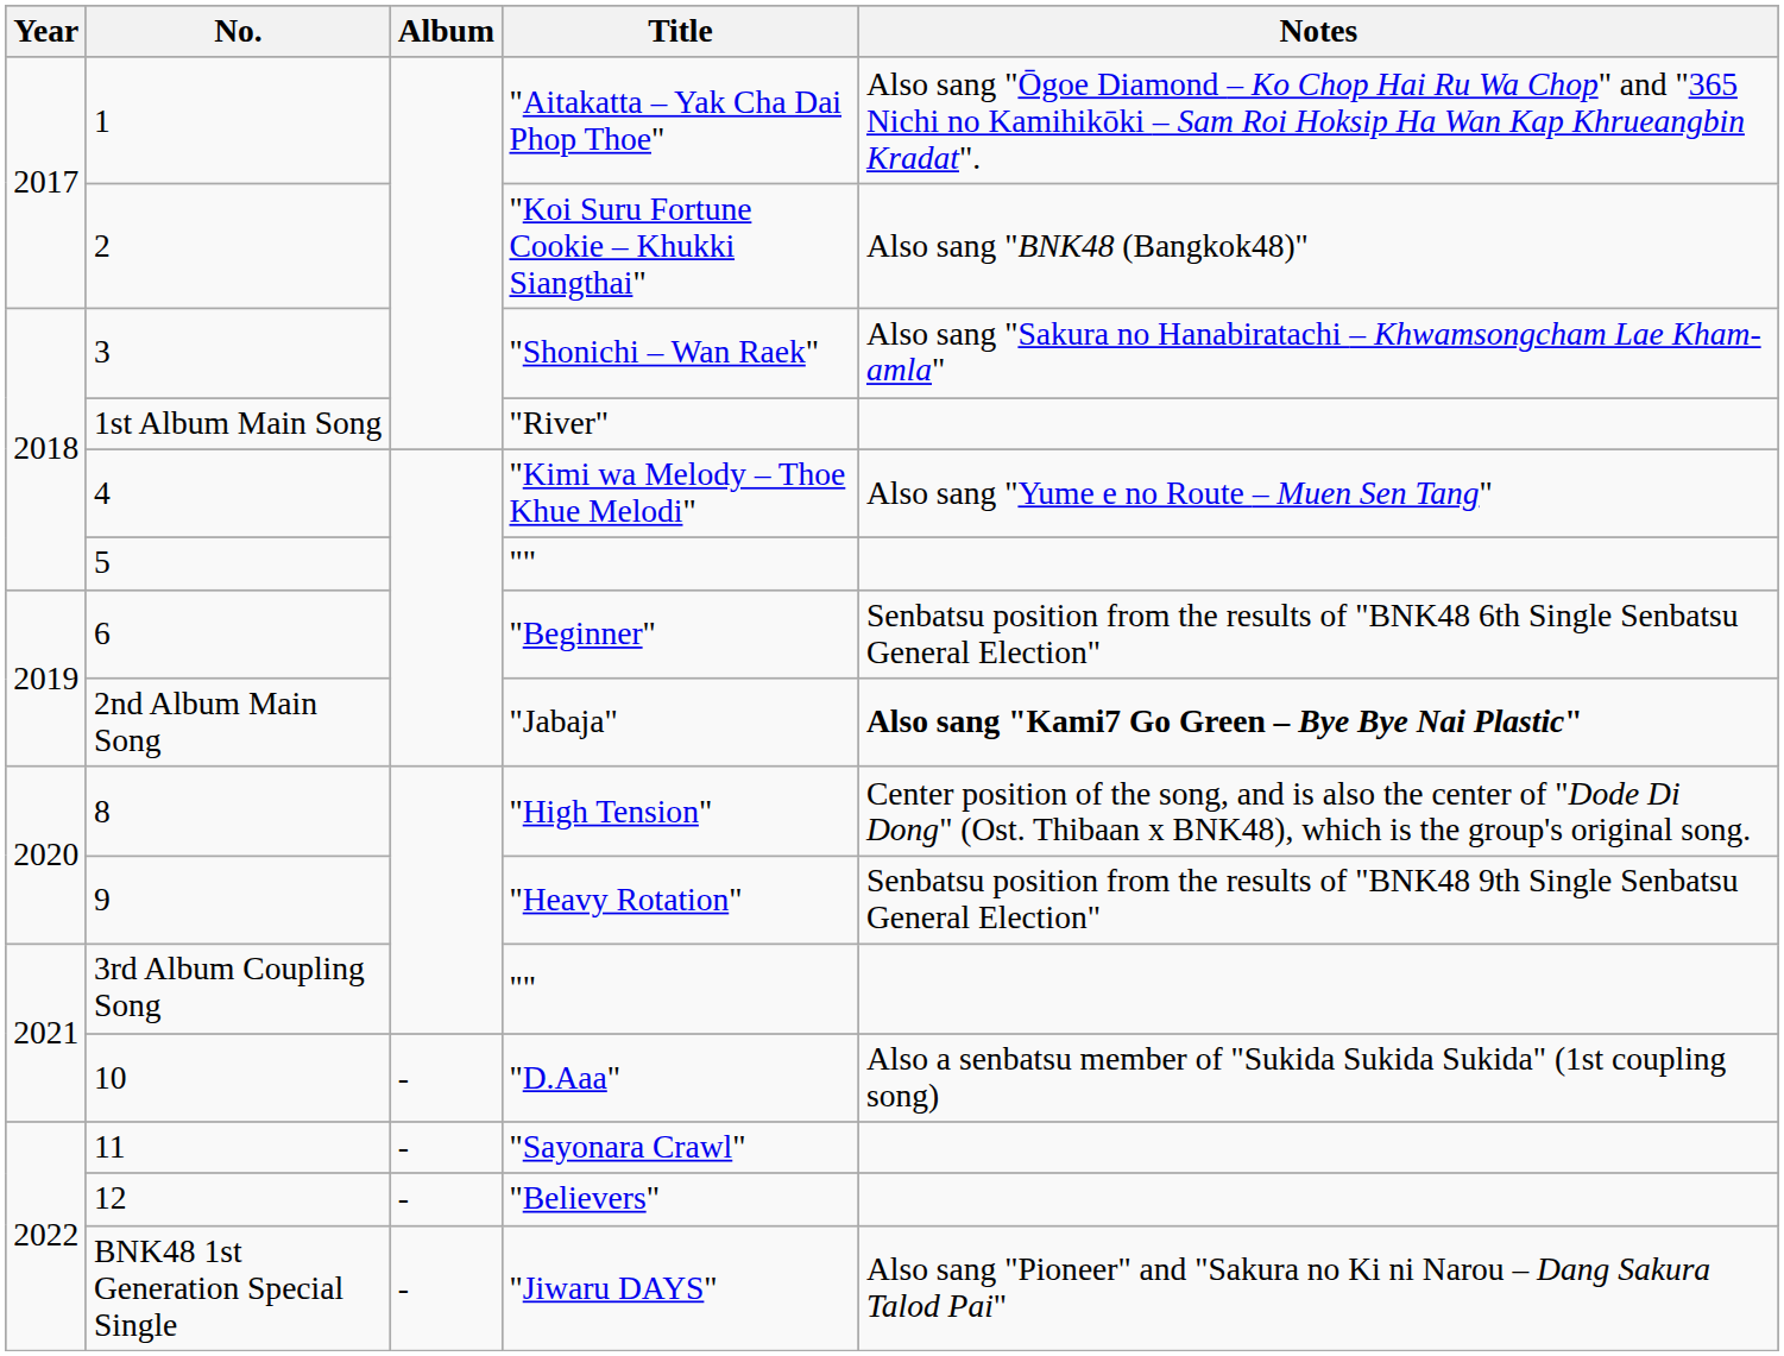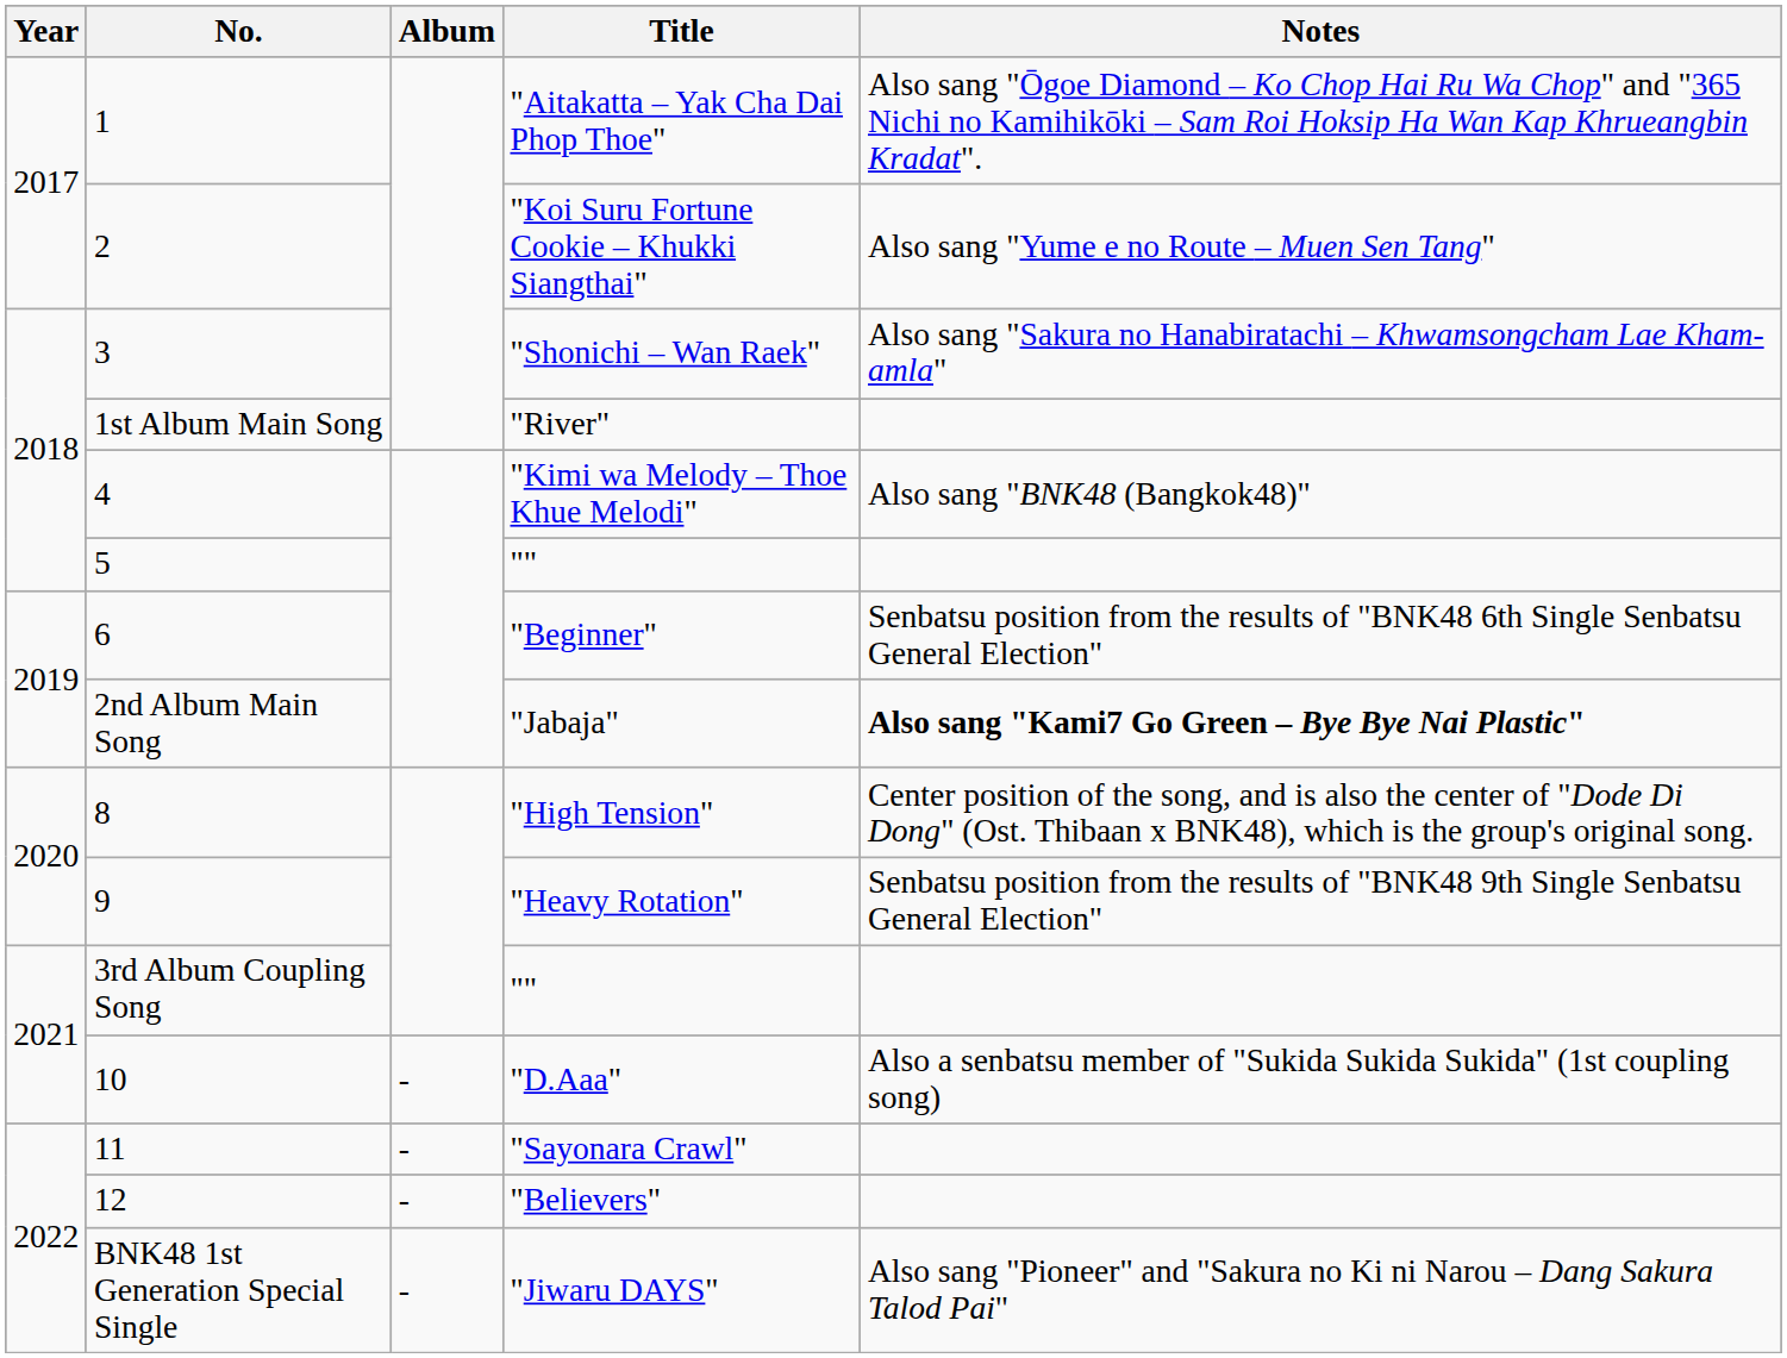 <table class="wikitable sortable">
 <tr>
 <th>Year</th>
 <th data-sort-type="number">No.</th>
 <th>Album</th>
 <th>Title</th>
 <th class="unsortable">Notes</th>
 </tr>
 <tr>
 <td rowspan="2">2017</td>
 <td>1</td>
 <td rowspan="4"><em></em></td>
 <td>"<a href='#'>Aitakatta – Yak Cha Dai Phop Thoe</a>"</td>
 <td>Also sang "<a href='#'>Ōgoe Diamond <em>– Ko Chop Hai Ru Wa Chop</em></a>" and "<a href='#'>365 Nichi no Kamihikōki <em>– Sam Roi Hoksip Ha Wan Kap Khrueangbin Kradat</em></a>".</td>
 </tr>
 <tr>
 <td>2</td>
 <td>"<a href='#'>Koi Suru Fortune Cookie – Khukki Siangthai</a>"</td>
-<td>Also sang "<em>BNK48</em> (Bangkok48)"</td>
+<td>Also sang "<a href='#'>Yume e no Route <em>– Muen Sen Tang</em></a>"</td>
 </tr>
 <tr>
 <td rowspan="4">2018</td>
 <td>3</td>
 <td>"<a href='#'>Shonichi – Wan Raek</a>"</td>
 <td>Also sang "<a href='#'>Sakura no Hanabiratachi <em>– Khwamsongcham Lae Kham-amla</em></a>" </td>
 </tr>
 <tr>
 <td>1st Album Main Song</td>
 <td>"River"</td>
 <td></td>
 </tr>
 <tr>
 <td>4</td>
 <td rowspan="4"><em></em></td>
 <td>"<a href='#'>Kimi wa Melody – Thoe Khue Melodi</a>"</td>
-<td>Also sang "<a href='#'>Yume e no Route <em>– Muen Sen Tang</em></a>"</td>
+<td>Also sang "<em>BNK48</em> (Bangkok48)"</td>
 </tr>
 <tr>
 <td>5</td>
 <td>""</td>
 <td></td>
 </tr>
 <tr>
 <td rowspan="2">2019</td>
 <td>6</td>
 <td>"<a href='#'>Beginner</a>"</td>
 <td>Senbatsu position from the results of "BNK48 6th Single Senbatsu General Election"</td>
 </tr>
 <tr>
 <td>2nd Album Main Song</td>
 <td>"Jabaja"</td>
 <td><strong>Also sang "Kami7 Go Green <em>–</em>  <em>Bye Bye Nai Plastic</em>" </strong></td>
 </tr>
 <tr>
 <td rowspan="2">2020</td>
 <td>8</td>
 <td rowspan="3"><em></em></td>
 <td>"<a href='#'>High Tension</a>"</td>
 <td>Center position of the song, and is also the center of "<em>Dode Di Dong</em>" (Ost. Thibaan x BNK48), which is the group's original song.</td>
 </tr>
 <tr>
 <td>9</td>
 <td>"<a href='#'>Heavy Rotation</a>"</td>
 <td>Senbatsu position from the results of "BNK48 9th Single Senbatsu General Election"</td>
 </tr>
 <tr>
 <td rowspan="2">2021</td>
 <td>3rd Album Coupling Song</td>
 <td>""</td>
 <td></td>
 </tr>
 <tr>
 <td>10</td>
 <td>-</td>
 <td>"<a href='#'>D.Aaa</a>"</td>
 <td>Also a senbatsu member of "Sukida Sukida Sukida" (1st coupling song)</td>
 </tr>
 <tr>
 <td rowspan="3">2022</td>
 <td>11</td>
 <td>-</td>
 <td>"<a href='#'>Sayonara Crawl</a>"</td>
 <td></td>
 </tr>
 <tr>
 <td>12</td>
 <td>-</td>
 <td>"<a href='#'>Believers</a>"</td>
 <td></td>
 </tr>
 <tr>
 <td>BNK48 1st Generation Special Single</td>
 <td>-</td>
 <td>"<a href='#'>Jiwaru DAYS</a>"</td>
 <td>Also sang "Pioneer" and "Sakura no Ki ni Narou <em>– Dang Sakura Talod Pai</em>" </td>
 </tr>
 </table>
